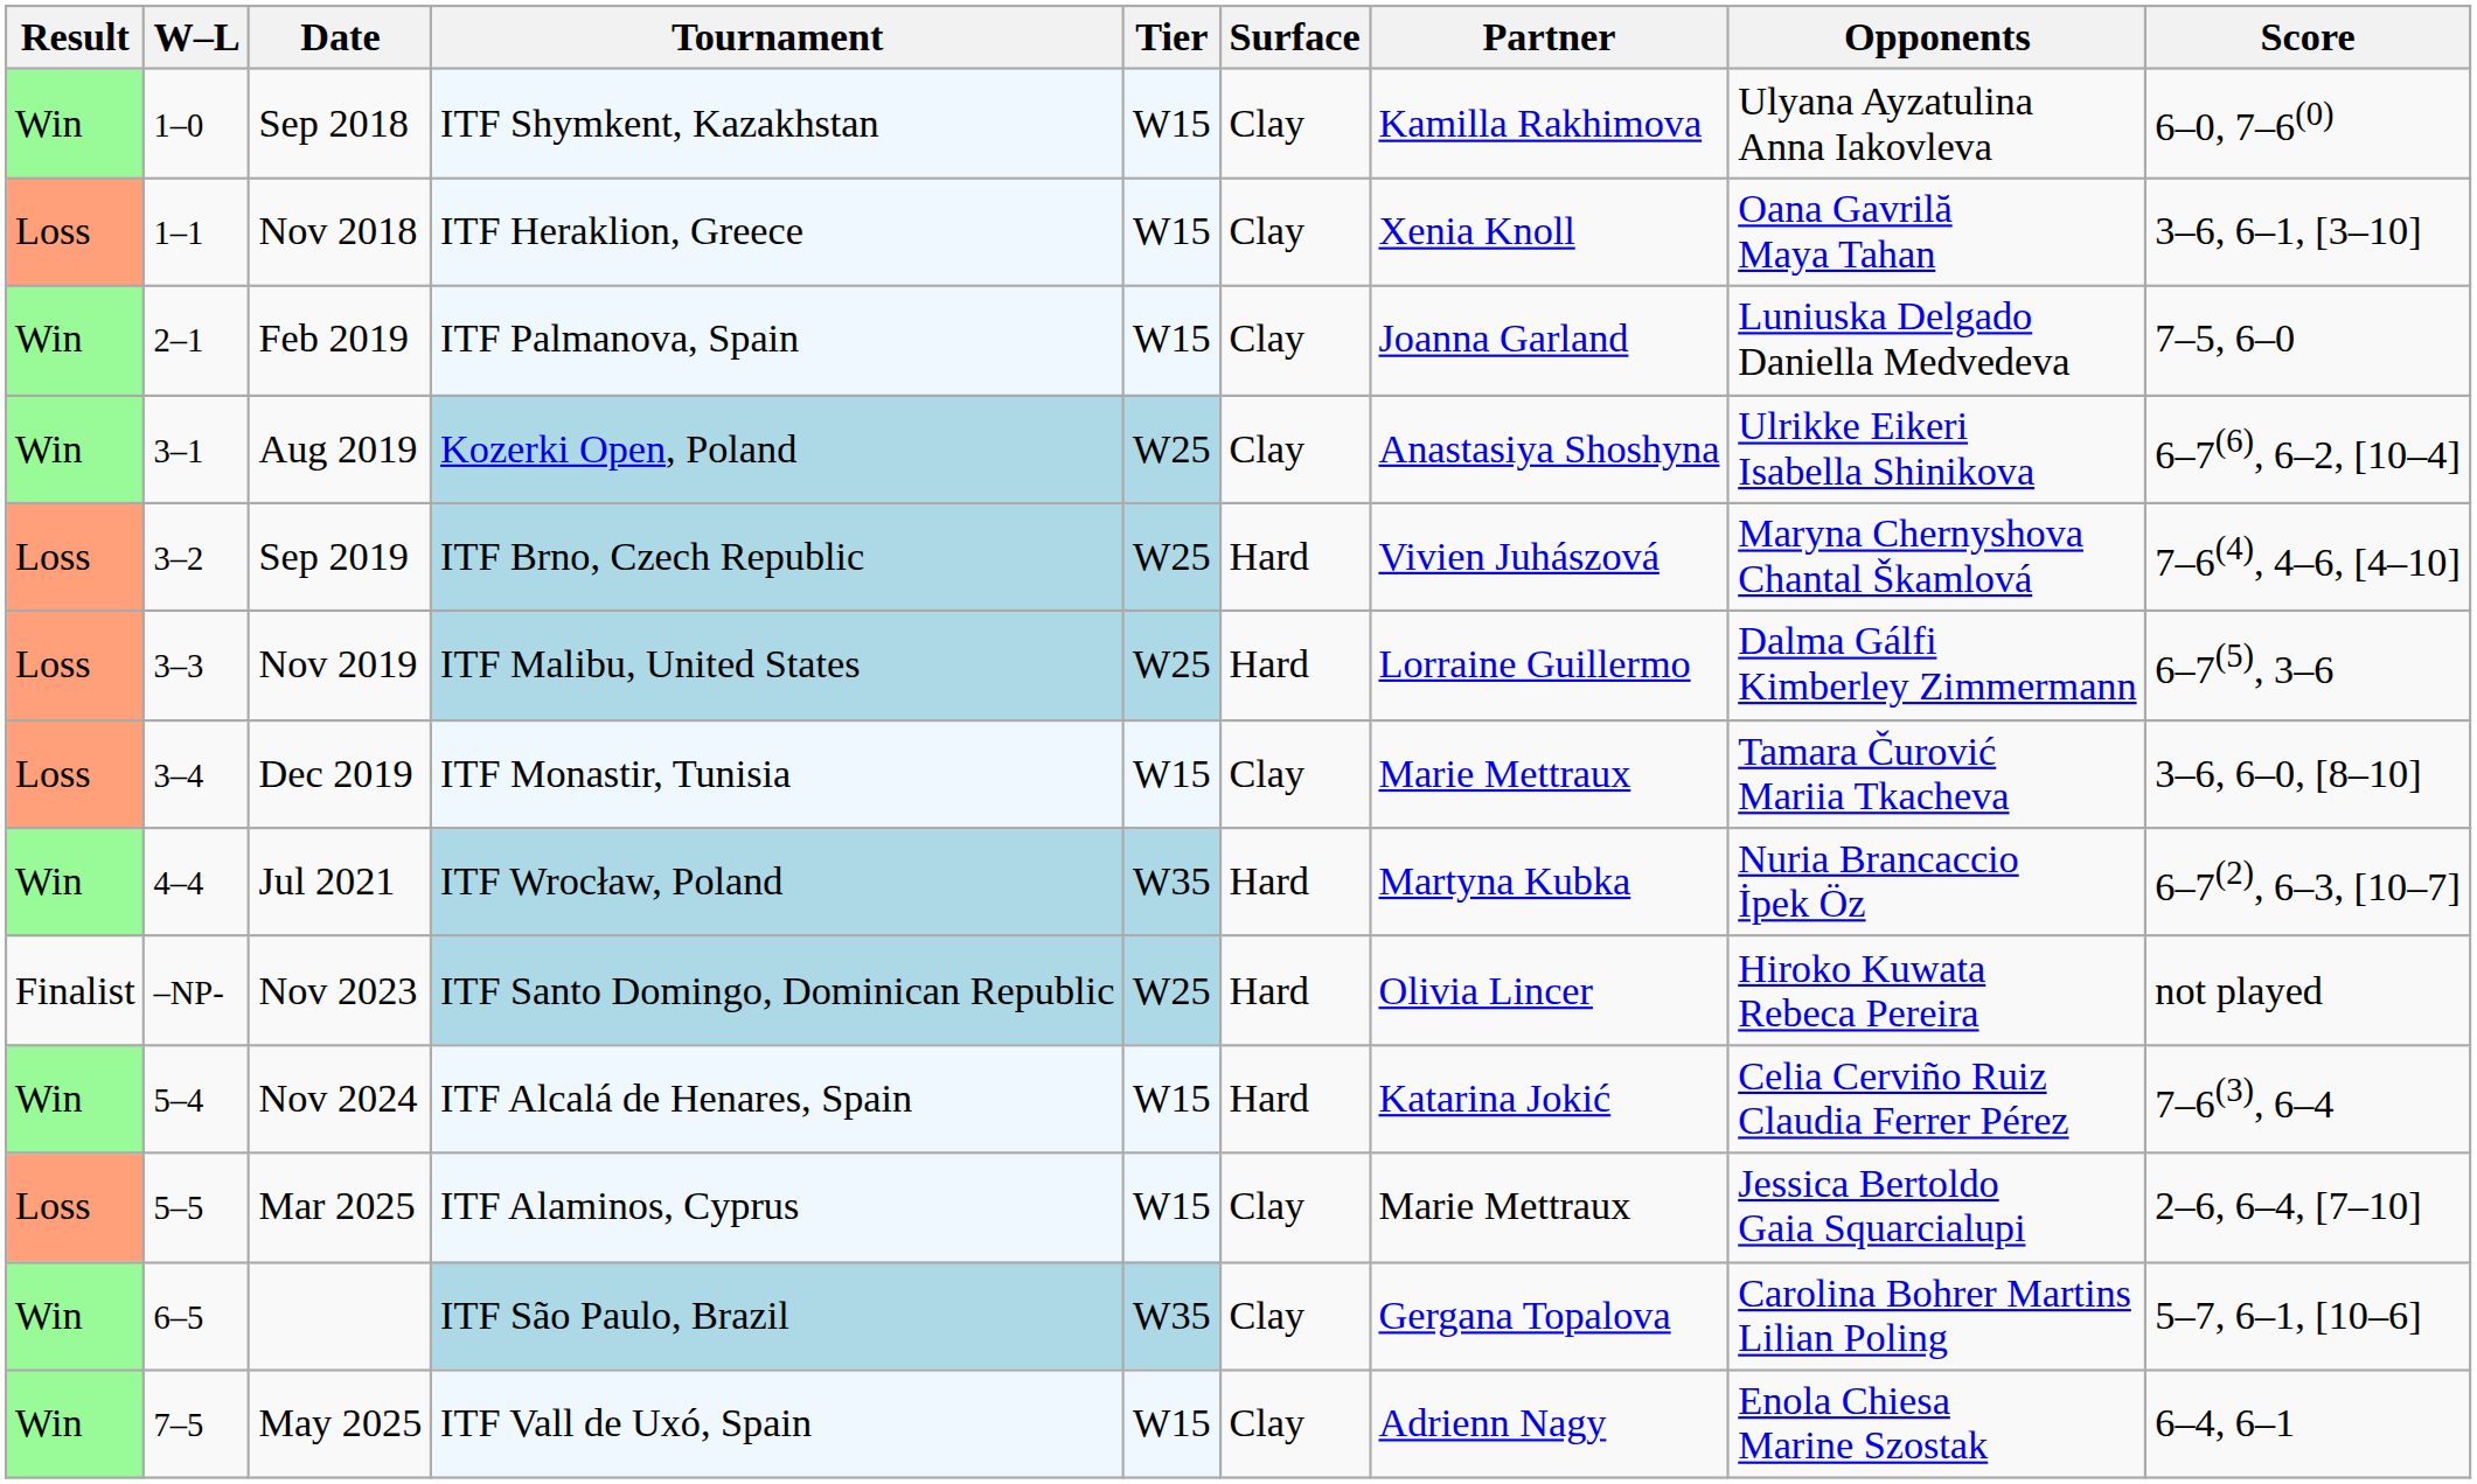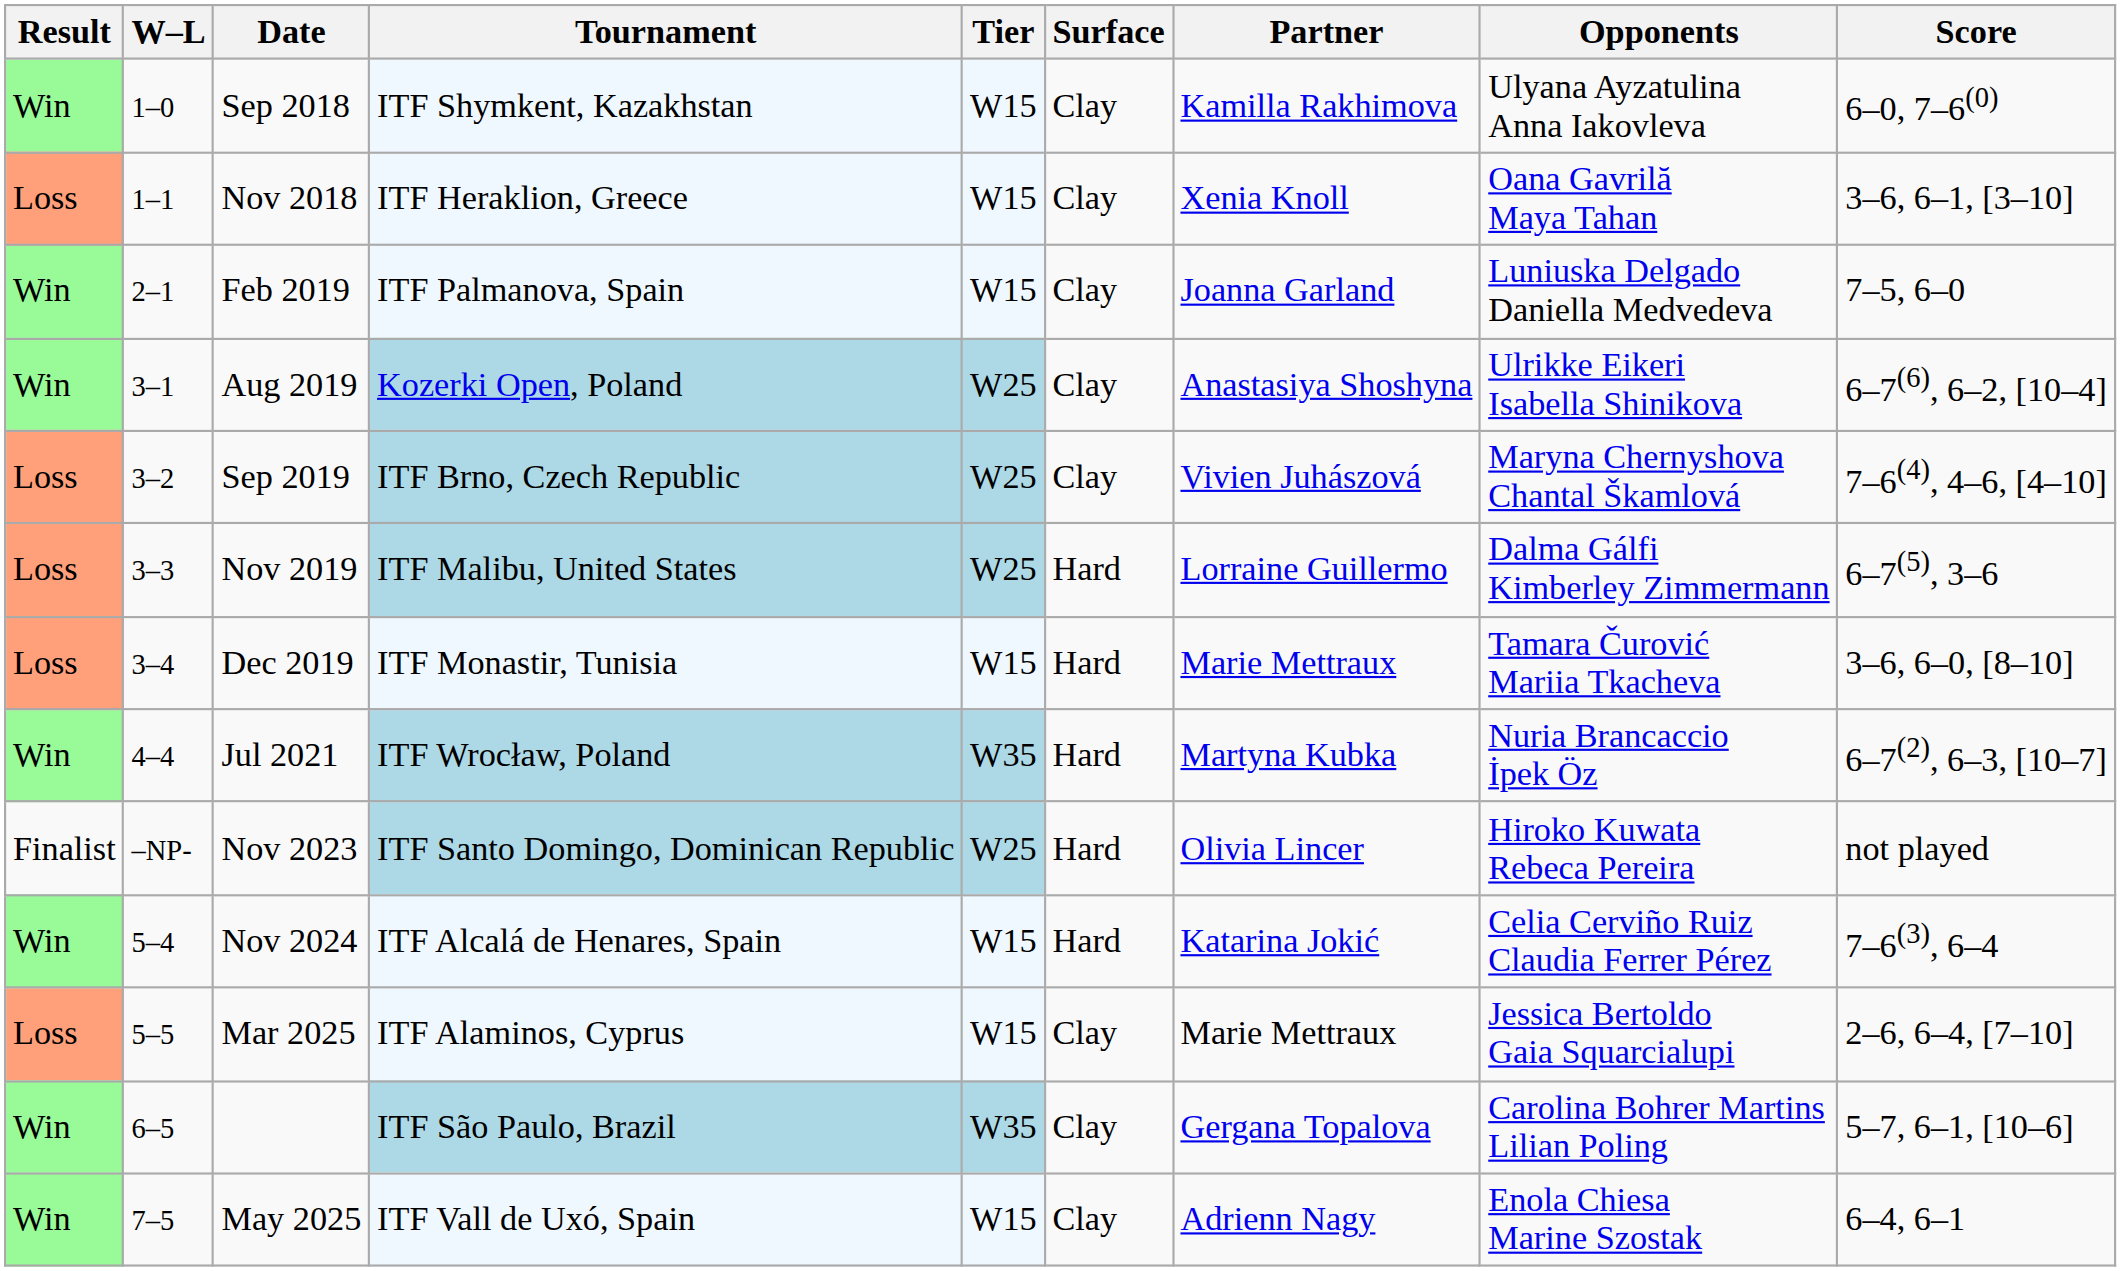 <table class="sortable wikitable">
 <tr>
 <th>Result</th>
 <th class="unsortable">W–L</th>
 <th>Date</th>
 <th>Tournament</th>
 <th>Tier</th>
 <th>Surface</th>
 <th>Partner</th>
 <th>Opponents</th>
 <th class="unsortable">Score</th>
 </tr>
 <tr>
 <td style="background:#98fb98;">Win</td>
 <td><small>1–0</small></td>
 <td>Sep 2018</td>
 <td style="background:#f0f8ff;">ITF Shymkent, Kazakhstan</td>
 <td style="background:#f0f8ff;">W15</td>
 <td>Clay</td>
 <td> <a href='#'>Kamilla Rakhimova</a></td>
 <td> Ulyana Ayzatulina <br>  Anna Iakovleva</td>
 <td>6–0, 7–6<sup>(0)</sup></td>
 </tr>
 <tr>
 <td style="background:#ffa07a">Loss</td>
 <td><small>1–1</small></td>
 <td>Nov 2018</td>
 <td style="background:#f0f8ff;">ITF Heraklion, Greece</td>
 <td style="background:#f0f8ff;">W15</td>
 <td>Clay</td>
 <td> <a href='#'>Xenia Knoll</a></td>
 <td> <a href='#'>Oana Gavrilă</a> <br>  <a href='#'>Maya Tahan</a></td>
 <td>3–6, 6–1, [3–10]</td>
 </tr>
 <tr>
 <td style="background:#98fb98;">Win</td>
 <td><small>2–1</small></td>
 <td>Feb 2019</td>
 <td style="background:#f0f8ff;">ITF Palmanova, Spain</td>
 <td style="background:#f0f8ff;">W15</td>
 <td>Clay</td>
 <td> <a href='#'>Joanna Garland</a></td>
 <td> <a href='#'>Luniuska Delgado</a> <br>  Daniella Medvedeva</td>
 <td>7–5, 6–0</td>
 </tr>
 <tr>
 <td style="background:#98fb98;">Win</td>
 <td><small>3–1</small></td>
 <td>Aug 2019</td>
 <td style="background:lightblue"><a href='#'>Kozerki Open</a>, Poland</td>
 <td style="background:lightblue">W25</td>
 <td>Clay</td>
 <td> <a href='#'>Anastasiya Shoshyna</a></td>
 <td> <a href='#'>Ulrikke Eikeri</a> <br>  <a href='#'>Isabella Shinikova</a></td>
 <td>6–7<sup>(6)</sup>, 6–2, [10–4]</td>
 </tr>
 <tr>
 <td style="background:#ffa07a">Loss</td>
 <td><small>3–2</small></td>
 <td>Sep 2019</td>
 <td style="background:lightblue">ITF Brno, Czech Republic</td>
 <td style="background:lightblue">W25</td>
-<td>Hard</td>
+<td>Clay</td>
 <td> <a href='#'>Vivien Juhászová</a></td>
 <td> <a href='#'>Maryna Chernyshova</a> <br>  <a href='#'>Chantal Škamlová</a></td>
 <td>7–6<sup>(4)</sup>, 4–6, [4–10]</td>
 </tr>
 <tr>
 <td style="background:#ffa07a">Loss</td>
 <td><small>3–3</small></td>
 <td>Nov 2019</td>
 <td style="background:lightblue">ITF Malibu, United States</td>
 <td style="background:lightblue">W25</td>
 <td>Hard</td>
 <td> <a href='#'>Lorraine Guillermo</a></td>
 <td> <a href='#'>Dalma Gálfi</a> <br>  <a href='#'>Kimberley Zimmermann</a></td>
 <td>6–7<sup>(5)</sup>, 3–6</td>
 </tr>
 <tr>
 <td style="background:#ffa07a">Loss</td>
 <td><small>3–4</small></td>
 <td>Dec 2019</td>
 <td style="background:#f0f8ff;">ITF Monastir, Tunisia</td>
 <td style="background:#f0f8ff;">W15</td>
-<td>Clay</td>
+<td>Hard</td>
 <td> <a href='#'>Marie Mettraux</a></td>
 <td> <a href='#'>Tamara Čurović</a> <br>  <a href='#'>Mariia Tkacheva</a></td>
 <td>3–6, 6–0, [8–10]</td>
 </tr>
 <tr>
 <td style="background:#98fb98;">Win</td>
 <td><small>4–4</small></td>
 <td>Jul 2021</td>
 <td style="background:lightblue">ITF Wrocław, Poland</td>
 <td style="background:lightblue;">W35</td>
 <td>Hard</td>
 <td> <a href='#'>Martyna Kubka</a></td>
 <td> <a href='#'>Nuria Brancaccio</a> <br>  <a href='#'>İpek Öz</a></td>
 <td>6–7<sup>(2)</sup>, 6–3, [10–7]</td>
 </tr>
 <tr>
 <td>Finalist</td>
 <td><small>–NP-</small></td>
 <td>Nov 2023</td>
 <td style="background:lightblue">ITF Santo Domingo, Dominican Republic</td>
 <td style="background:lightblue">W25</td>
 <td>Hard</td>
 <td> <a href='#'>Olivia Lincer</a></td>
 <td> <a href='#'>Hiroko Kuwata</a> <br>  <a href='#'>Rebeca Pereira</a></td>
 <td>not played</td>
 </tr>
 <tr>
 <td style="background:#98fb98;">Win</td>
 <td><small>5–4</small></td>
 <td>Nov 2024</td>
 <td style="background:#f0f8ff;">ITF Alcalá de Henares, Spain</td>
 <td style="background:#f0f8ff;">W15</td>
 <td>Hard</td>
 <td> <a href='#'>Katarina Jokić</a></td>
 <td> <a href='#'>Celia Cerviño Ruiz</a> <br>  <a href='#'>Claudia Ferrer Pérez</a></td>
 <td>7–6<sup>(3)</sup>, 6–4</td>
 </tr>
 <tr>
 <td style="background:#ffa07a">Loss</td>
 <td><small>5–5</small></td>
 <td>Mar 2025</td>
 <td style="background:#f0f8ff;">ITF Alaminos, Cyprus</td>
 <td style="background:#f0f8ff;">W15</td>
 <td>Clay</td>
 <td> Marie Mettraux</td>
 <td> <a href='#'>Jessica Bertoldo</a> <br>  <a href='#'>Gaia Squarcialupi</a></td>
 <td>2–6, 6–4, [7–10]</td>
 </tr>
 <tr>
 <td style="background:#98fb98;">Win</td>
 <td><small>6–5</small></td>
 <td></td>
 <td style="background:lightblue;">ITF São Paulo, Brazil</td>
 <td style="background:lightblue;">W35</td>
 <td>Clay</td>
 <td> <a href='#'>Gergana Topalova</a></td>
 <td> <a href='#'>Carolina Bohrer Martins</a> <br>  <a href='#'>Lilian Poling</a></td>
 <td>5–7, 6–1, [10–6]</td>
 </tr>
 <tr>
 <td style="background:#98fb98;">Win</td>
 <td><small>7–5</small></td>
 <td>May 2025</td>
 <td style="background:#f0f8ff;">ITF Vall de Uxó, Spain</td>
 <td style="background:#f0f8ff;">W15</td>
 <td>Clay</td>
 <td> <a href='#'>Adrienn Nagy</a></td>
 <td> <a href='#'>Enola Chiesa</a> <br>  <a href='#'>Marine Szostak</a></td>
 <td>6–4, 6–1</td>
 </tr>
 </table>
